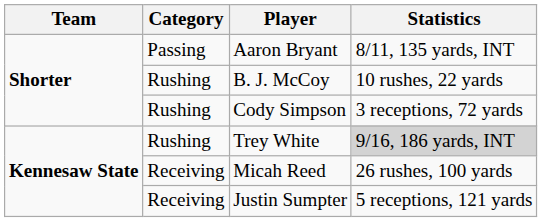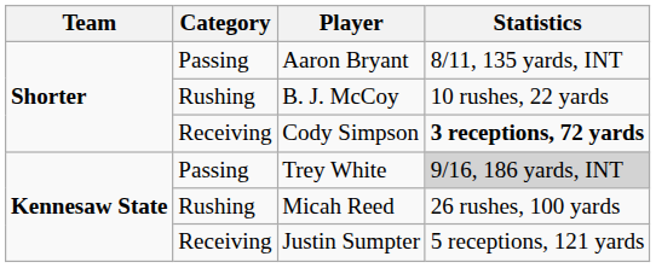 <table class="wikitable" style="float: left;">
 <tr>
 <th>Team</th>
 <th>Category</th>
 <th>Player</th>
 <th>Statistics</th>
 </tr>
 <tr>
 <td rowspan=3><strong>Shorter</strong></td>
 <td>Passing</td>
 <td>Aaron Bryant</td>
 <td>8/11, 135 yards, INT</td>
 </tr>
 <tr>
 <td>Rushing</td>
 <td>B. J. McCoy</td>
 <td>10 rushes, 22 yards</td>
 </tr>
 <tr>
-<td>Rushing</td>
+<td>Receiving</td>
 <td>Cody Simpson</td>
-<td>3 receptions, 72 yards</td>
+<td><strong>3 receptions, 72 yards</strong></td>
 </tr>
 <tr>
 <td rowspan=3><strong>Kennesaw State</strong></td>
-<td>Rushing</td>
+<td>Passing</td>
 <td>Trey White</td>
 <td style="background: lightgrey;">9/16, 186 yards, INT</td>
 </tr>
 <tr>
-<td>Receiving</td>
+<td>Rushing</td>
 <td>Micah Reed</td>
 <td>26 rushes, 100 yards</td>
 </tr>
 <tr>
 <td>Receiving</td>
 <td>Justin Sumpter</td>
 <td>5 receptions, 121 yards</td>
 </tr>
 </table>
